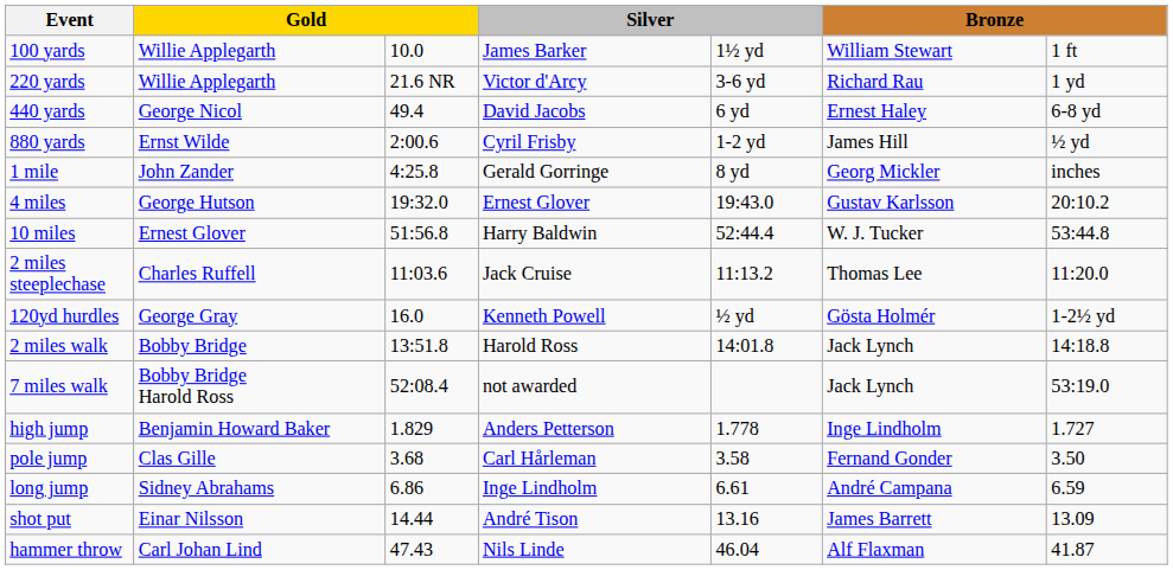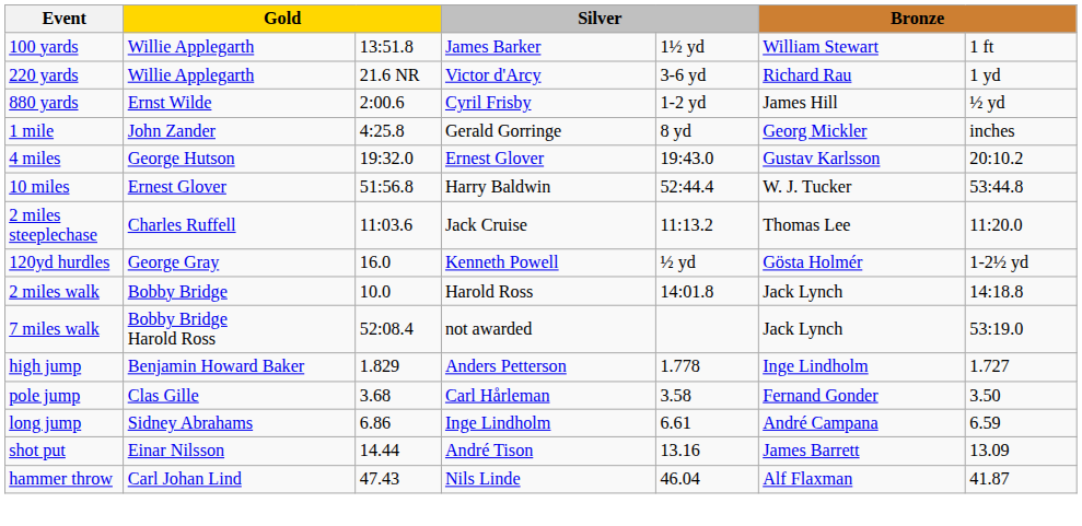 <table class="wikitable" style="text-align:left">
 <tr>
 <th width=100>Event</th>
 <th colspan="2" width="280" style="background:gold;">Gold</th>
 <th colspan="2" width="280" style="background:silver;">Silver</th>
 <th colspan="2" width="280" style="background:#CD7F32;">Bronze</th>
 </tr>
 <tr>
 <td><a href='#'>100 yards</a></td>
 <td><a href='#'>Willie Applegarth</a></td>
-<td>10.0</td>
+<td>13:51.8</td>
 <td><a href='#'>James Barker</a></td>
 <td>1½ yd</td>
 <td> <a href='#'>William Stewart</a></td>
 <td>1 ft</td>
 </tr>
 <tr>
 <td><a href='#'>220 yards</a></td>
 <td><a href='#'>Willie Applegarth</a></td>
 <td>21.6 NR</td>
 <td><a href='#'>Victor d'Arcy</a></td>
 <td>3-6 yd</td>
 <td> <a href='#'>Richard Rau</a></td>
 <td>1 yd</td>
-</tr>
-<tr>
-<td><a href='#'>440 yards</a></td>
-<td><a href='#'>George Nicol</a></td>
-<td>49.4</td>
-<td> <a href='#'>David Jacobs</a></td>
-<td>6 yd</td>
-<td><a href='#'>Ernest Haley</a></td>
-<td>6-8 yd</td>
 </tr>
 <tr>
 <td><a href='#'>880 yards</a></td>
 <td> <a href='#'>Ernst Wilde</a></td>
 <td>2:00.6</td>
 <td><a href='#'>Cyril Frisby</a></td>
 <td>1-2 yd</td>
 <td> James Hill</td>
 <td>½ yd</td>
 </tr>
 <tr>
 <td><a href='#'>1 mile</a></td>
 <td> <a href='#'>John Zander</a></td>
 <td>4:25.8</td>
 <td>Gerald Gorringe</td>
 <td>8 yd</td>
 <td> <a href='#'>Georg Mickler</a></td>
 <td>inches</td>
 </tr>
 <tr>
 <td><a href='#'>4 miles</a></td>
 <td><a href='#'>George Hutson</a></td>
 <td>19:32.0</td>
 <td><a href='#'>Ernest Glover</a></td>
 <td>19:43.0</td>
 <td> <a href='#'>Gustav Karlsson</a></td>
 <td>20:10.2</td>
 </tr>
 <tr>
 <td><a href='#'>10 miles</a></td>
 <td><a href='#'>Ernest Glover</a></td>
 <td>51:56.8</td>
 <td>Harry Baldwin</td>
 <td>52:44.4</td>
 <td>W. J. Tucker</td>
 <td>53:44.8</td>
 </tr>
 <tr>
 <td><a href='#'>2 miles steeplechase</a></td>
 <td><a href='#'>Charles Ruffell</a></td>
 <td>11:03.6</td>
 <td>Jack Cruise</td>
 <td>11:13.2</td>
 <td>Thomas Lee</td>
 <td>11:20.0</td>
 </tr>
 <tr>
 <td><a href='#'>120yd hurdles</a></td>
 <td><a href='#'>George Gray</a></td>
 <td>16.0</td>
 <td><a href='#'>Kenneth Powell</a></td>
 <td>½ yd</td>
 <td> <a href='#'>Gösta Holmér</a></td>
 <td>1-2½ yd</td>
 </tr>
 <tr>
 <td><a href='#'>2 miles walk</a></td>
 <td><a href='#'>Bobby Bridge</a></td>
-<td>13:51.8</td>
+<td>10.0</td>
 <td>Harold Ross</td>
 <td>14:01.8</td>
 <td>Jack Lynch</td>
 <td>14:18.8</td>
 </tr>
 <tr>
 <td><a href='#'>7 miles walk</a></td>
 <td><a href='#'>Bobby Bridge</a><br>Harold Ross</td>
 <td>52:08.4</td>
 <td>not awarded</td>
 <td></td>
 <td>Jack Lynch</td>
 <td>53:19.0</td>
 </tr>
 <tr>
 <td><a href='#'>high jump</a></td>
 <td><a href='#'>Benjamin Howard Baker</a></td>
 <td>1.829</td>
 <td> <a href='#'>Anders Petterson</a></td>
 <td>1.778</td>
 <td> <a href='#'>Inge Lindholm</a></td>
 <td>1.727</td>
 </tr>
 <tr>
 <td><a href='#'>pole jump</a></td>
 <td> <a href='#'>Clas Gille</a></td>
 <td>3.68</td>
 <td> <a href='#'>Carl Hårleman</a></td>
 <td>3.58</td>
 <td> <a href='#'>Fernand Gonder</a></td>
 <td>3.50</td>
 </tr>
 <tr>
 <td><a href='#'>long jump</a></td>
 <td><a href='#'>Sidney Abrahams</a></td>
 <td>6.86</td>
 <td> <a href='#'>Inge Lindholm</a></td>
 <td>6.61</td>
 <td> <a href='#'>André Campana</a></td>
 <td>6.59</td>
 </tr>
 <tr>
 <td><a href='#'>shot put</a></td>
 <td> <a href='#'>Einar Nilsson</a></td>
 <td>14.44</td>
 <td> <a href='#'>André Tison</a></td>
 <td>13.16</td>
 <td> <a href='#'>James Barrett</a></td>
 <td>13.09</td>
 </tr>
 <tr>
 <td><a href='#'>hammer throw</a></td>
 <td> <a href='#'>Carl Johan Lind</a></td>
 <td>47.43</td>
 <td> <a href='#'>Nils Linde</a></td>
 <td>46.04</td>
 <td><a href='#'>Alf Flaxman</a></td>
 <td>41.87</td>
 </tr>
 </table>
